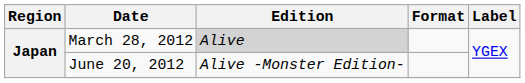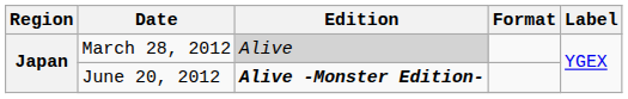 <table class="wikitable plainrowheaders">
 <tr>
 <th>Region</th>
 <th>Date</th>
 <th>Edition</th>
 <th>Format</th>
 <th>Label</th>
 </tr>
 <tr>
 <th scope="row" rowspan="3">Japan</th>
 <td>March 28, 2012</td>
 <td style="background: lightgrey;"><em>Alive</em></td>
 <td rowspan="1"></td>
 <td rowspan="3"><a href='#'>YGEX</a></td>
 </tr>
 <tr>
 <td>June 20, 2012</td>
-<td><em>Alive -Monster Edition-</em></td>
+<td><strong><em>Alive -Monster Edition-</em></strong></td>
 <td rowspan="1"></td>
 </tr>
 <tr>
 </tr>
 </table>
